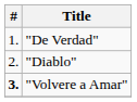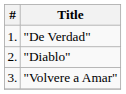 <table class="wikitable">
 <tr>
 <th>#</th>
 <th>Title</th>
 </tr>
 <tr>
 <td>1.</td>
 <td>"De Verdad"</td>
 </tr>
 <tr>
 <td>2.</td>
 <td>"Diablo"</td>
 </tr>
 <tr>
-<td><strong>3.</strong></td>
+<td>3.</td>
 <td>"Volvere a Amar"</td>
 </tr>
 <tr>
 </tr>
 </table>
